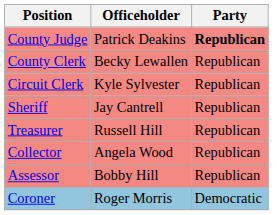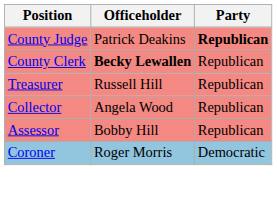 <table class="wikitable">
 <tr>
 <th>Position</th>
 <th>Officeholder</th>
 <th>Party</th>
 </tr>
 <tr style="background-color:#F48882;">
 <td><a href='#'>County Judge</a></td>
 <td>Patrick Deakins</td>
 <td><strong>Republican</strong></td>
 </tr>
 <tr style="background-color:#F48882;">
 <td><a href='#'>County Clerk</a></td>
-<td>Becky Lewallen</td>
-<td>Republican</td>
-</tr>
-<tr style="background-color:#F48882;">
-<td><a href='#'>Circuit Clerk</a></td>
-<td>Kyle Sylvester</td>
-<td>Republican</td>
-</tr>
-<tr style="background-color:#F48882;">
-<td><a href='#'>Sheriff</a></td>
-<td>Jay Cantrell</td>
+<td><strong>Becky Lewallen</strong></td>
 <td>Republican</td>
 </tr>
 <tr style="background-color:#F48882;">
 <td><a href='#'>Treasurer</a></td>
 <td>Russell Hill</td>
 <td>Republican</td>
 </tr>
 <tr style="background-color:#F48882;">
 <td><a href='#'>Collector</a></td>
 <td>Angela Wood</td>
 <td>Republican</td>
 </tr>
 <tr style="background-color:#F48882;">
 <td><a href='#'>Assessor</a></td>
 <td>Bobby Hill</td>
 <td>Republican</td>
 </tr>
 <tr style="background-color:#92C5DE;">
 <td><a href='#'>Coroner</a></td>
 <td>Roger Morris</td>
 <td>Democratic</td>
 </tr>
 </table>
